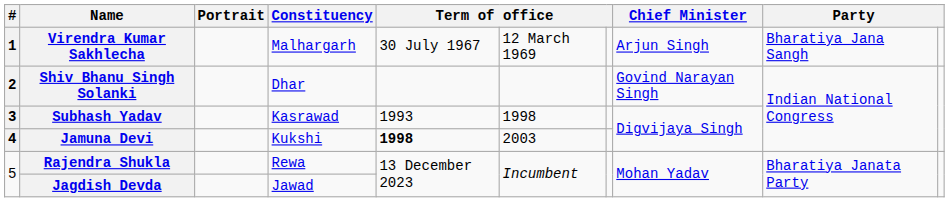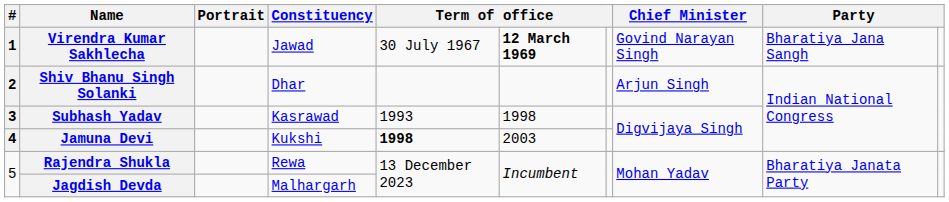 <table class="wikitable sortable">
 <tr>
 <th>#</th>
 <th>Name</th>
 <th>Portrait</th>
 <th><a href='#'>Constituency</a></th>
 <th colspan=3>Term of office</th>
 <th><a href='#'>Chief Minister</a></th>
 <th colspan=2>Party</th>
 </tr>
 <tr>
 <th>1</th>
 <th><a href='#'>Virendra Kumar Sakhlecha</a></th>
 <td></td>
-<td><a href='#'>Malhargarh</a></td>
+<td><a href='#'>Jawad</a></td>
 <td>30 July 1967</td>
-<td>12 March 1969</td>
+<td><strong>12 March 1969</strong></td>
 <td></td>
-<td><a href='#'>Arjun Singh</a></td>
+<td><a href='#'>Govind Narayan Singh</a></td>
 <td><a href='#'>Bharatiya Jana Sangh</a></td>
 <td style="background-color: "></td>
 </tr>
 <tr>
 <th>2</th>
 <th><a href='#'>Shiv Bhanu Singh Solanki</a></th>
 <td></td>
 <td><a href='#'>Dhar</a></td>
 <td></td>
 <td></td>
 <td></td>
-<td><a href='#'>Govind Narayan Singh</a></td>
+<td><a href='#'>Arjun Singh</a></td>
 <td rowspan=3><a href='#'>Indian National Congress</a></td>
 <td rowspan=3 style="background-color: "></td>
 </tr>
 <tr>
 <th>3</th>
 <th><a href='#'>Subhash Yadav</a></th>
 <td></td>
 <td><a href='#'>Kasrawad</a></td>
 <td>1993</td>
 <td>1998</td>
 <td></td>
 <td rowspan=2><a href='#'>Digvijaya Singh</a></td>
 </tr>
 <tr>
 <th>4</th>
 <th><a href='#'>Jamuna Devi</a></th>
 <td></td>
 <td><a href='#'>Kukshi</a></td>
 <td><strong>1998</strong></td>
 <td>2003</td>
 <td></td>
 </tr>
 <tr>
 <td rowspan=2>5</td>
 <th><a href='#'>Rajendra Shukla</a></th>
 <td></td>
 <td><a href='#'>Rewa</a></td>
 <td rowspan=2>13 December 2023</td>
 <td rowspan=2><em>Incumbent</em></td>
 <td rowspan="2"></td>
 <td rowspan="2"><a href='#'>Mohan Yadav</a></td>
 <td rowspan="2"><a href='#'>Bharatiya Janata Party</a></td>
 <td rowspan="2" style="background-color: "></td>
 </tr>
 <tr>
 <th><a href='#'>Jagdish Devda</a></th>
 <td></td>
-<td><a href='#'>Jawad</a></td>
+<td><a href='#'>Malhargarh</a></td>
 </tr>
 </table>
